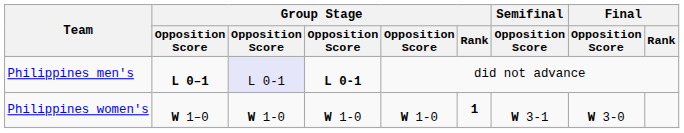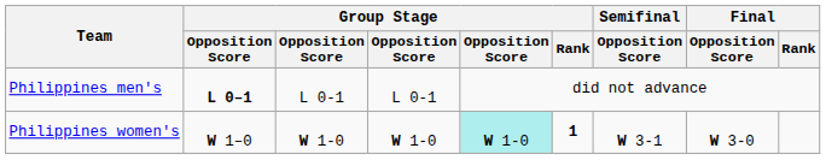 <table class="wikitable" style="font-size:90%">
 <tr>
 <th rowspan=2>Team</th>
 <th colspan=5>Group Stage</th>
 <th>Semifinal</th>
 <th colspan=2>Final</th>
 </tr>
 <tr style="font-size:95%">
 <th>Opposition<br>Score</th>
 <th>Opposition<br>Score</th>
 <th>Opposition<br>Score</th>
 <th>Opposition<br>Score</th>
 <th>Rank</th>
 <th>Opposition<br>Score</th>
 <th>Opposition<br>Score</th>
 <th>Rank</th>
 </tr>
 <tr align=center>
 <td align=left><a href='#'>Philippines men's</a></td>
 <td><strong><br>L 0–1</strong></td>
-<td style="background: lavender;"><br>L 0-1</td>
-<td><strong><br>L 0-1</strong></td>
+<td><br>L 0-1</td>
+<td><br>L 0-1</td>
 <td colspan="5">did not advance</td>
 </tr>
 <tr align=center>
 <td align=left><a href='#'>Philippines women's</a></td>
 <td><br><strong>W</strong> 1–0</td>
 <td><br><strong>W</strong> 1-0</td>
 <td><br><strong>W</strong> 1-0</td>
-<td><br><strong>W</strong> 1-0</td>
+<td style="background: paleturquoise;"><br><strong>W</strong> 1-0</td>
 <td><strong>1</strong></td>
 <td><br><strong>W</strong> 3-1</td>
 <td><br><strong>W</strong> 3-0</td>
 <td></td>
 </tr>
 <tr>
 </tr>
 </table>
